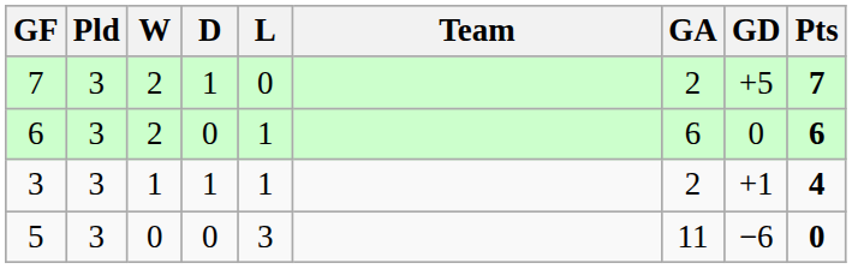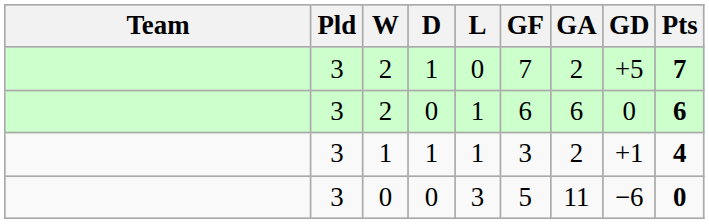 <table class="wikitable" style="text-align:center;">
 <tr>
-<th width=20 abbr="Goals for">GF</th>
+<th width=175>Team</th>
 <th width=20 abbr="Played">Pld</th>
 <th width=20 abbr="Won">W</th>
 <th width=20 abbr="Drawn">D</th>
 <th width=20 abbr="Lost">L</th>
-<th width=175>Team</th>
+<th width=20 abbr="Goals for">GF</th>
 <th width=20 abbr="Goals against">GA</th>
 <th width=20 abbr="Goal difference">GD</th>
 <th width=20 abbr="Points">Pts</th>
 </tr>
 <tr ---- align="center" bgcolor="ccffcc">
-<td>7</td>
+<td align="left"></td>
 <td>3</td>
 <td>2</td>
 <td>1</td>
 <td>0</td>
-<td align="left"></td>
+<td>7</td>
 <td>2</td>
 <td>+5</td>
 <td><strong>7</strong></td>
 </tr>
 <tr ---- align="center" bgcolor="ccffcc">
-<td>6</td>
+<td align="left"></td>
 <td>3</td>
 <td>2</td>
 <td>0</td>
 <td>1</td>
-<td align="left"></td>
+<td>6</td>
 <td>6</td>
 <td>0</td>
 <td><strong>6</strong></td>
 </tr>
 <tr ---- align="center">
-<td>3</td>
+<td align="left"></td>
 <td>3</td>
 <td>1</td>
 <td>1</td>
 <td>1</td>
-<td align="left"></td>
+<td>3</td>
 <td>2</td>
 <td>+1</td>
 <td><strong>4</strong></td>
 </tr>
 <tr ---- align="center">
-<td>5</td>
+<td align="left"></td>
 <td>3</td>
 <td>0</td>
 <td>0</td>
 <td>3</td>
-<td align="left"></td>
+<td>5</td>
 <td>11</td>
 <td>−6</td>
 <td><strong>0</strong></td>
 </tr>
 </table>
